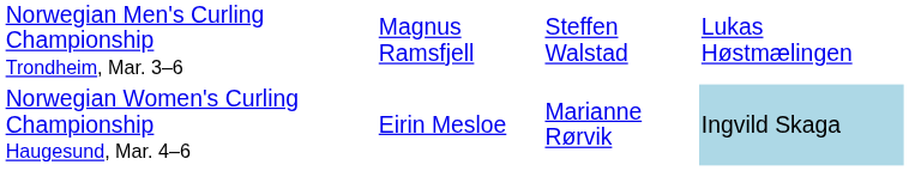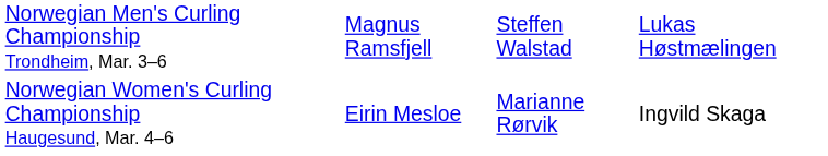 <table>
 <tr>
 <td><a href='#'>Norwegian Men's Curling Championship</a><br> <small><a href='#'>Trondheim</a>, Mar. 3–6</small></td>
 <td> <a href='#'>Magnus Ramsfjell</a></td>
 <td> <a href='#'>Steffen Walstad</a></td>
 <td> <a href='#'>Lukas Høstmælingen</a></td>
 </tr>
 <tr>
 <td><a href='#'>Norwegian Women's Curling Championship</a><br> <small><a href='#'>Haugesund</a>, Mar. 4–6</small></td>
 <td> <a href='#'>Eirin Mesloe</a></td>
 <td> <a href='#'>Marianne Rørvik</a></td>
-<td style="background: lightblue;"> Ingvild Skaga</td>
+<td> Ingvild Skaga</td>
 </tr>
 </table>
